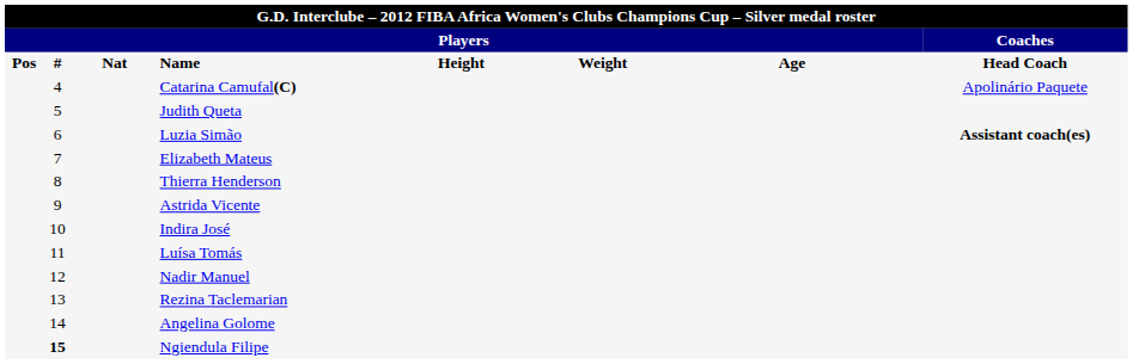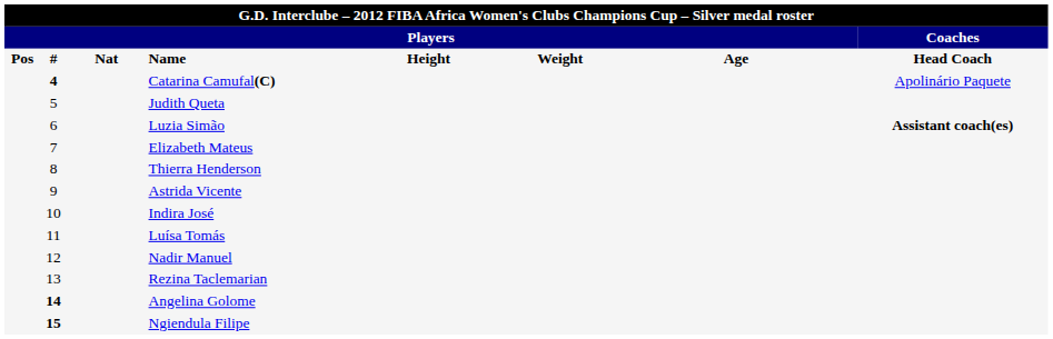 <table border=0 cellpadding=2 cellspacing=0  |- bgcolor=#f5f5f5 style="text-align:center; font-size:85%;" width=75%>
 <tr>
 <td colspan="8" style="background: black; color: white"><strong>G.D. Interclube – 2012 FIBA Africa Women's Clubs Champions Cup – Silver medal roster</strong></td>
 </tr>
 <tr>
 <td colspan="7" style="background: #000080; color: white"><strong>Players</strong></td>
 <td style="background: #000080; color: white"><strong>Coaches</strong></td>
 </tr>
 <tr style="background=#f5f5f5; color: black">
 <th width=5px>Pos</th>
 <th width=5px>#</th>
 <th width=50px>Nat</th>
 <th width=135px align=left>Name</th>
 <th width=100px>Height</th>
 <th width=70px>Weight</th>
 <th width=160px>Age</th>
 <th width=125px>Head Coach</th>
 </tr>
 <tr>
 <td></td>
-<td>4</td>
+<td><strong>4</strong></td>
 <td></td>
 <td align=left><a href='#'>Catarina Camufal</a><strong>(C)</strong></td>
 <td><span></span></td>
 <td><span></span></td>
 <td><span></span></td>
 <td> <a href='#'>Apolinário Paquete</a></td>
 </tr>
 <tr>
 <td></td>
 <td>5</td>
 <td></td>
 <td align=left><a href='#'>Judith Queta</a></td>
 <td><span></span></td>
 <td></td>
 <td><span></span></td>
 </tr>
 <tr>
 <td></td>
 <td>6</td>
 <td></td>
 <td align=left><a href='#'>Luzia Simão</a></td>
 <td><span></span></td>
 <td></td>
 <td><span></span></td>
 <td><strong>Assistant coach(es)</strong></td>
 </tr>
 <tr>
 <td></td>
 <td>7</td>
 <td></td>
 <td align=left><a href='#'>Elizabeth Mateus</a></td>
 <td></td>
 <td></td>
 <td><span></span></td>
 <td></td>
 </tr>
 <tr>
 <td></td>
 <td>8</td>
 <td></td>
 <td align=left><a href='#'>Thierra Henderson</a></td>
 <td><span></span></td>
 <td></td>
 <td><span></span></td>
 </tr>
 <tr>
 <td></td>
 <td>9</td>
 <td></td>
 <td align=left><a href='#'>Astrida Vicente</a></td>
 <td><span></span></td>
 <td><span></span></td>
 <td><span></span></td>
 </tr>
 <tr>
 <td></td>
 <td>10</td>
 <td></td>
 <td align=left><a href='#'>Indira José</a></td>
 <td><span></span></td>
 <td></td>
 <td><span></span></td>
 </tr>
 <tr>
 <td></td>
 <td>11</td>
 <td></td>
 <td align=left><a href='#'>Luísa Tomás</a></td>
 <td><span></span></td>
 <td><span></span></td>
 <td><span></span></td>
 </tr>
 <tr>
 <td></td>
 <td>12</td>
 <td></td>
 <td align=left><a href='#'>Nadir Manuel</a></td>
 <td><span></span></td>
 <td><span></span></td>
 <td><span></span></td>
 </tr>
 <tr>
 <td></td>
 <td>13</td>
 <td></td>
 <td align=left><a href='#'>Rezina Taclemarian</a></td>
 <td><span></span></td>
 <td></td>
 <td><span></span></td>
 </tr>
 <tr>
 <td></td>
-<td>14</td>
+<td><strong>14</strong></td>
 <td></td>
 <td align=left><a href='#'>Angelina Golome</a></td>
 <td><span></span></td>
 <td></td>
 <td><span></span></td>
 </tr>
 <tr>
 <td></td>
 <td><strong>15</strong></td>
 <td></td>
 <td align=left><a href='#'>Ngiendula Filipe</a></td>
 <td><span></span></td>
 <td><span></span></td>
 <td><span></span></td>
 </tr>
 </table>
